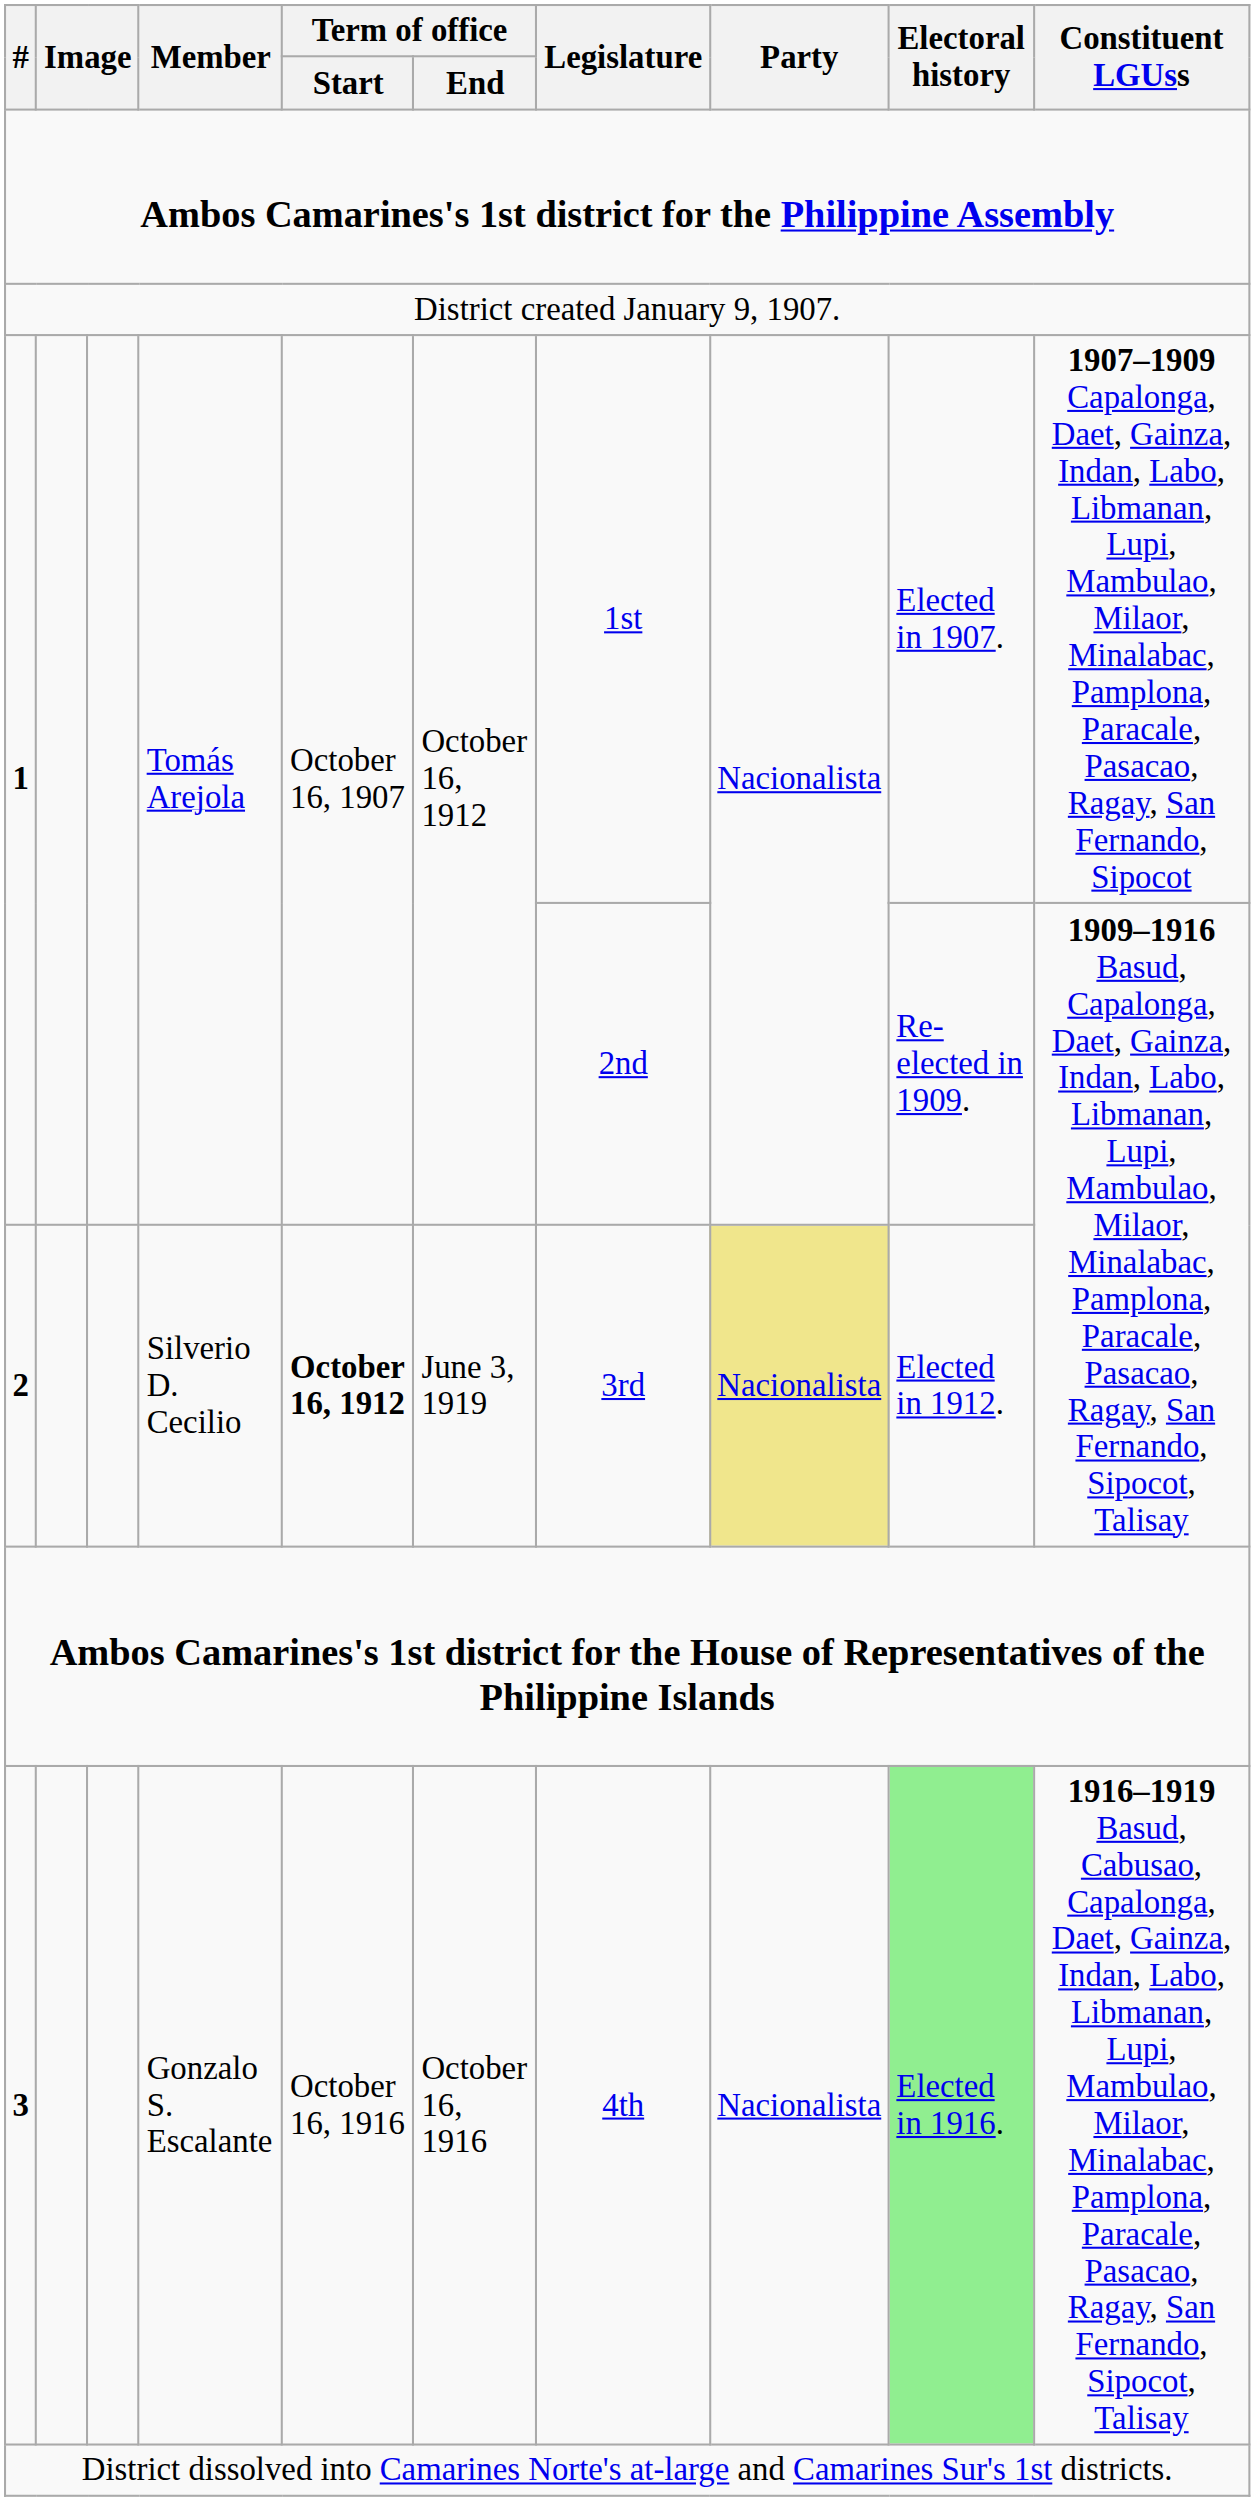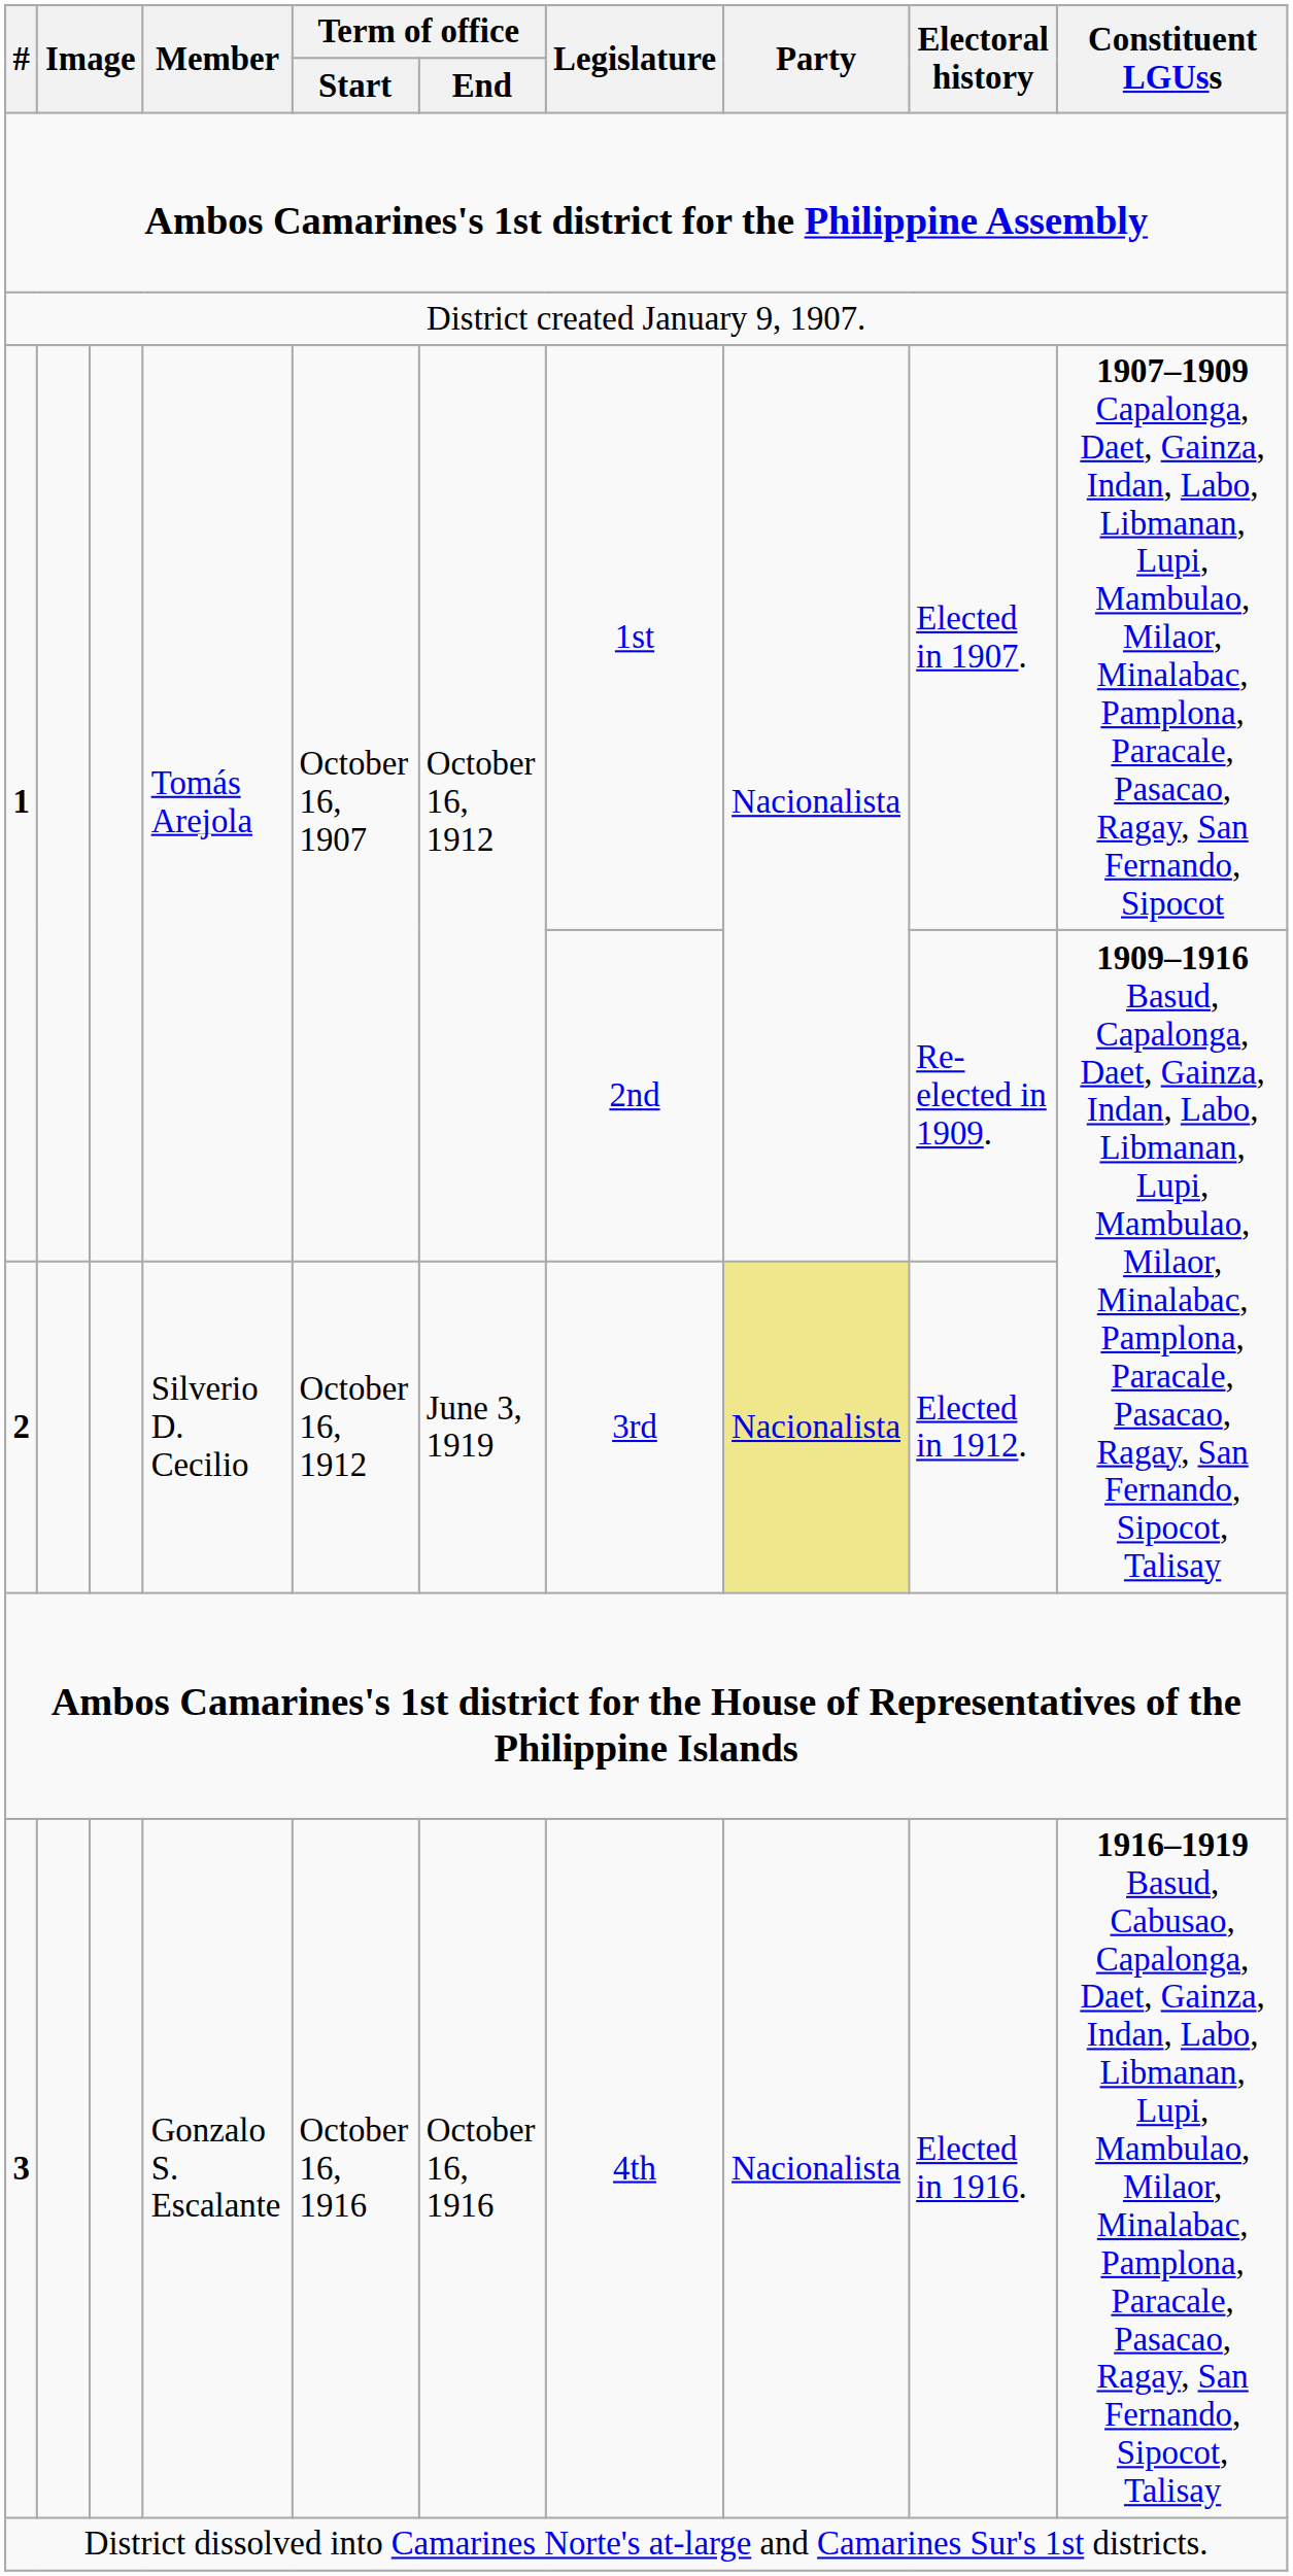 <table class=wikitable>
 <tr>
 <th rowspan="2">#</th>
 <th rowspan="2" colspan=2>Image</th>
 <th rowspan="2">Member</th>
 <th colspan=2>Term of office</th>
 <th rowspan="2">Legislature</th>
 <th rowspan="2">Party</th>
 <th rowspan="2">Electoral history</th>
 <th rowspan="2">Constituent<br><a href='#'>LGUs</a>s</th>
 </tr>
 <tr>
 <th>Start</th>
 <th>End</th>
 </tr>
 <tr>
 <td colspan="10" style="text-align:center;"><br><h3>Ambos Camarines's 1st district for the <a href='#'>Philippine Assembly</a></h3></td>
 </tr>
 <tr>
 <td colspan="10" style="text-align:center;">District created January 9, 1907.</td>
 </tr>
 <tr>
 <td rowspan="2" style="text-align:center;"><strong>1</strong></td>
 <td rowspan="2" style="background:"></td>
 <td rowspan="2"></td>
 <td rowspan="2"><a href='#'>Tomás Arejola</a></td>
 <td rowspan="2">October 16, 1907</td>
 <td rowspan="2">October 16, 1912</td>
 <td style="text-align:center;"><a href='#'>1st</a></td>
 <td rowspan="2"><a href='#'>Nacionalista</a></td>
 <td><a href='#'>Elected in 1907</a>.</td>
 <td style="text-align:center;"><strong>1907–1909</strong><br><a href='#'>Capalonga</a>, <a href='#'>Daet</a>, <a href='#'>Gainza</a>, <a href='#'>Indan</a>, <a href='#'>Labo</a>, <a href='#'>Libmanan</a>, <a href='#'>Lupi</a>, <a href='#'>Mambulao</a>, <a href='#'>Milaor</a>, <a href='#'>Minalabac</a>, <a href='#'>Pamplona</a>, <a href='#'>Paracale</a>, <a href='#'>Pasacao</a>, <a href='#'>Ragay</a>, <a href='#'>San Fernando</a>, <a href='#'>Sipocot</a></td>
 </tr>
 <tr>
 <td style="text-align:center;"><a href='#'>2nd</a></td>
 <td><a href='#'>Re-elected in 1909</a>.</td>
 <td rowspan="2" style="text-align:center;"><strong>1909–1916</strong><br><a href='#'>Basud</a>, <a href='#'>Capalonga</a>, <a href='#'>Daet</a>, <a href='#'>Gainza</a>, <a href='#'>Indan</a>, <a href='#'>Labo</a>, <a href='#'>Libmanan</a>, <a href='#'>Lupi</a>, <a href='#'>Mambulao</a>, <a href='#'>Milaor</a>, <a href='#'>Minalabac</a>, <a href='#'>Pamplona</a>, <a href='#'>Paracale</a>, <a href='#'>Pasacao</a>, <a href='#'>Ragay</a>, <a href='#'>San Fernando</a>, <a href='#'>Sipocot</a>, <a href='#'>Talisay</a></td>
 </tr>
 <tr>
 <td style="text-align:center;"><strong>2</strong></td>
 <td style="background:"></td>
 <td></td>
 <td>Silverio D. Cecilio</td>
-<td><strong>October 16, 1912</strong></td>
+<td>October 16, 1912</td>
 <td>June 3, 1919</td>
 <td style="text-align:center;"><a href='#'>3rd</a></td>
 <td style="background: khaki;"><a href='#'>Nacionalista</a></td>
 <td><a href='#'>Elected in 1912</a>.</td>
 </tr>
 <tr>
 <td colspan="10" style="text-align:center;"><br><h3>Ambos Camarines's 1st district for the House of Representatives of the Philippine Islands</h3></td>
 </tr>
 <tr>
 <td style="text-align:center;"><strong>3</strong></td>
 <td style="background:"></td>
 <td></td>
 <td>Gonzalo S. Escalante</td>
 <td>October 16, 1916</td>
 <td>October 16, 1916</td>
 <td style="text-align:center;"><a href='#'>4th</a></td>
 <td><a href='#'>Nacionalista</a></td>
-<td style="background: lightgreen;"><a href='#'>Elected in 1916</a>.</td>
+<td><a href='#'>Elected in 1916</a>.</td>
 <td style="text-align:center;"><strong>1916–1919</strong><br><a href='#'>Basud</a>, <a href='#'>Cabusao</a>, <a href='#'>Capalonga</a>, <a href='#'>Daet</a>, <a href='#'>Gainza</a>, <a href='#'>Indan</a>, <a href='#'>Labo</a>, <a href='#'>Libmanan</a>, <a href='#'>Lupi</a>, <a href='#'>Mambulao</a>, <a href='#'>Milaor</a>, <a href='#'>Minalabac</a>, <a href='#'>Pamplona</a>, <a href='#'>Paracale</a>, <a href='#'>Pasacao</a>, <a href='#'>Ragay</a>, <a href='#'>San Fernando</a>, <a href='#'>Sipocot</a>, <a href='#'>Talisay</a></td>
 </tr>
 <tr>
 <td colspan="10" style="text-align:center;">District dissolved into <a href='#'>Camarines Norte's at-large</a> and <a href='#'>Camarines Sur's 1st</a> districts.</td>
 </tr>
 </table>
